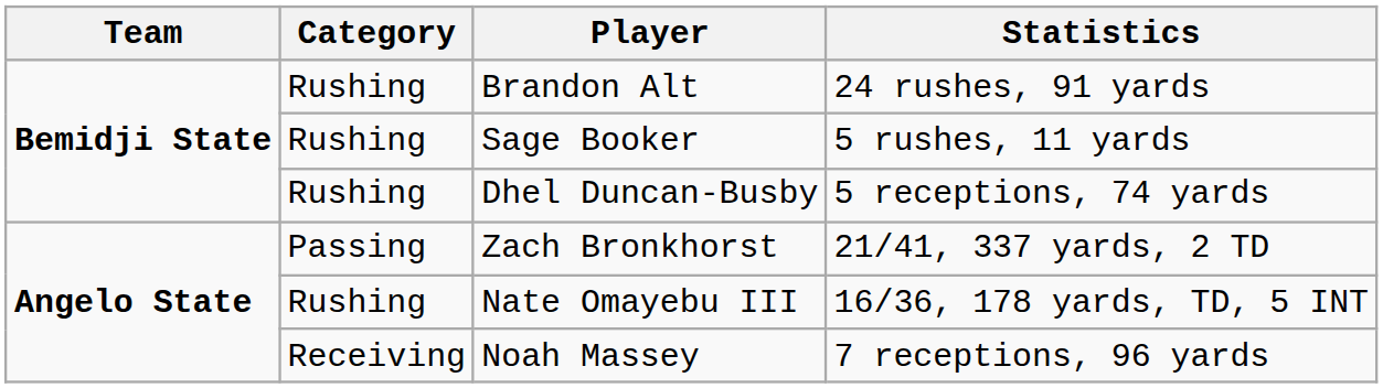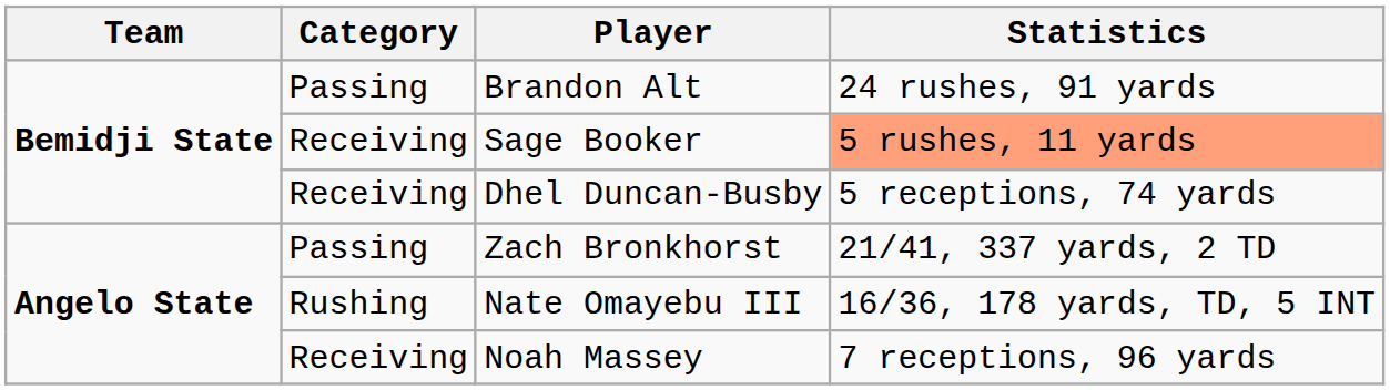 <table class="wikitable" style="float: right;">
 <tr>
 <th>Team</th>
 <th>Category</th>
 <th>Player</th>
 <th>Statistics</th>
 </tr>
 <tr>
 <td rowspan=3><strong>Bemidji State</strong></td>
-<td>Rushing</td>
+<td>Passing</td>
 <td>Brandon Alt</td>
 <td>24 rushes, 91 yards</td>
 </tr>
 <tr>
-<td>Rushing</td>
+<td>Receiving</td>
 <td>Sage Booker</td>
-<td>5 rushes, 11 yards</td>
+<td style="background: lightsalmon;">5 rushes, 11 yards</td>
 </tr>
 <tr>
-<td>Rushing</td>
+<td>Receiving</td>
 <td>Dhel Duncan-Busby</td>
 <td>5 receptions, 74 yards</td>
 </tr>
 <tr>
 <td rowspan=3><strong>Angelo State</strong></td>
 <td>Passing</td>
 <td>Zach Bronkhorst</td>
 <td>21/41, 337 yards, 2 TD</td>
 </tr>
 <tr>
 <td>Rushing</td>
 <td>Nate Omayebu III</td>
 <td>16/36, 178 yards, TD, 5 INT</td>
 </tr>
 <tr>
 <td>Receiving</td>
 <td>Noah Massey</td>
 <td>7 receptions, 96 yards</td>
 </tr>
 </table>
